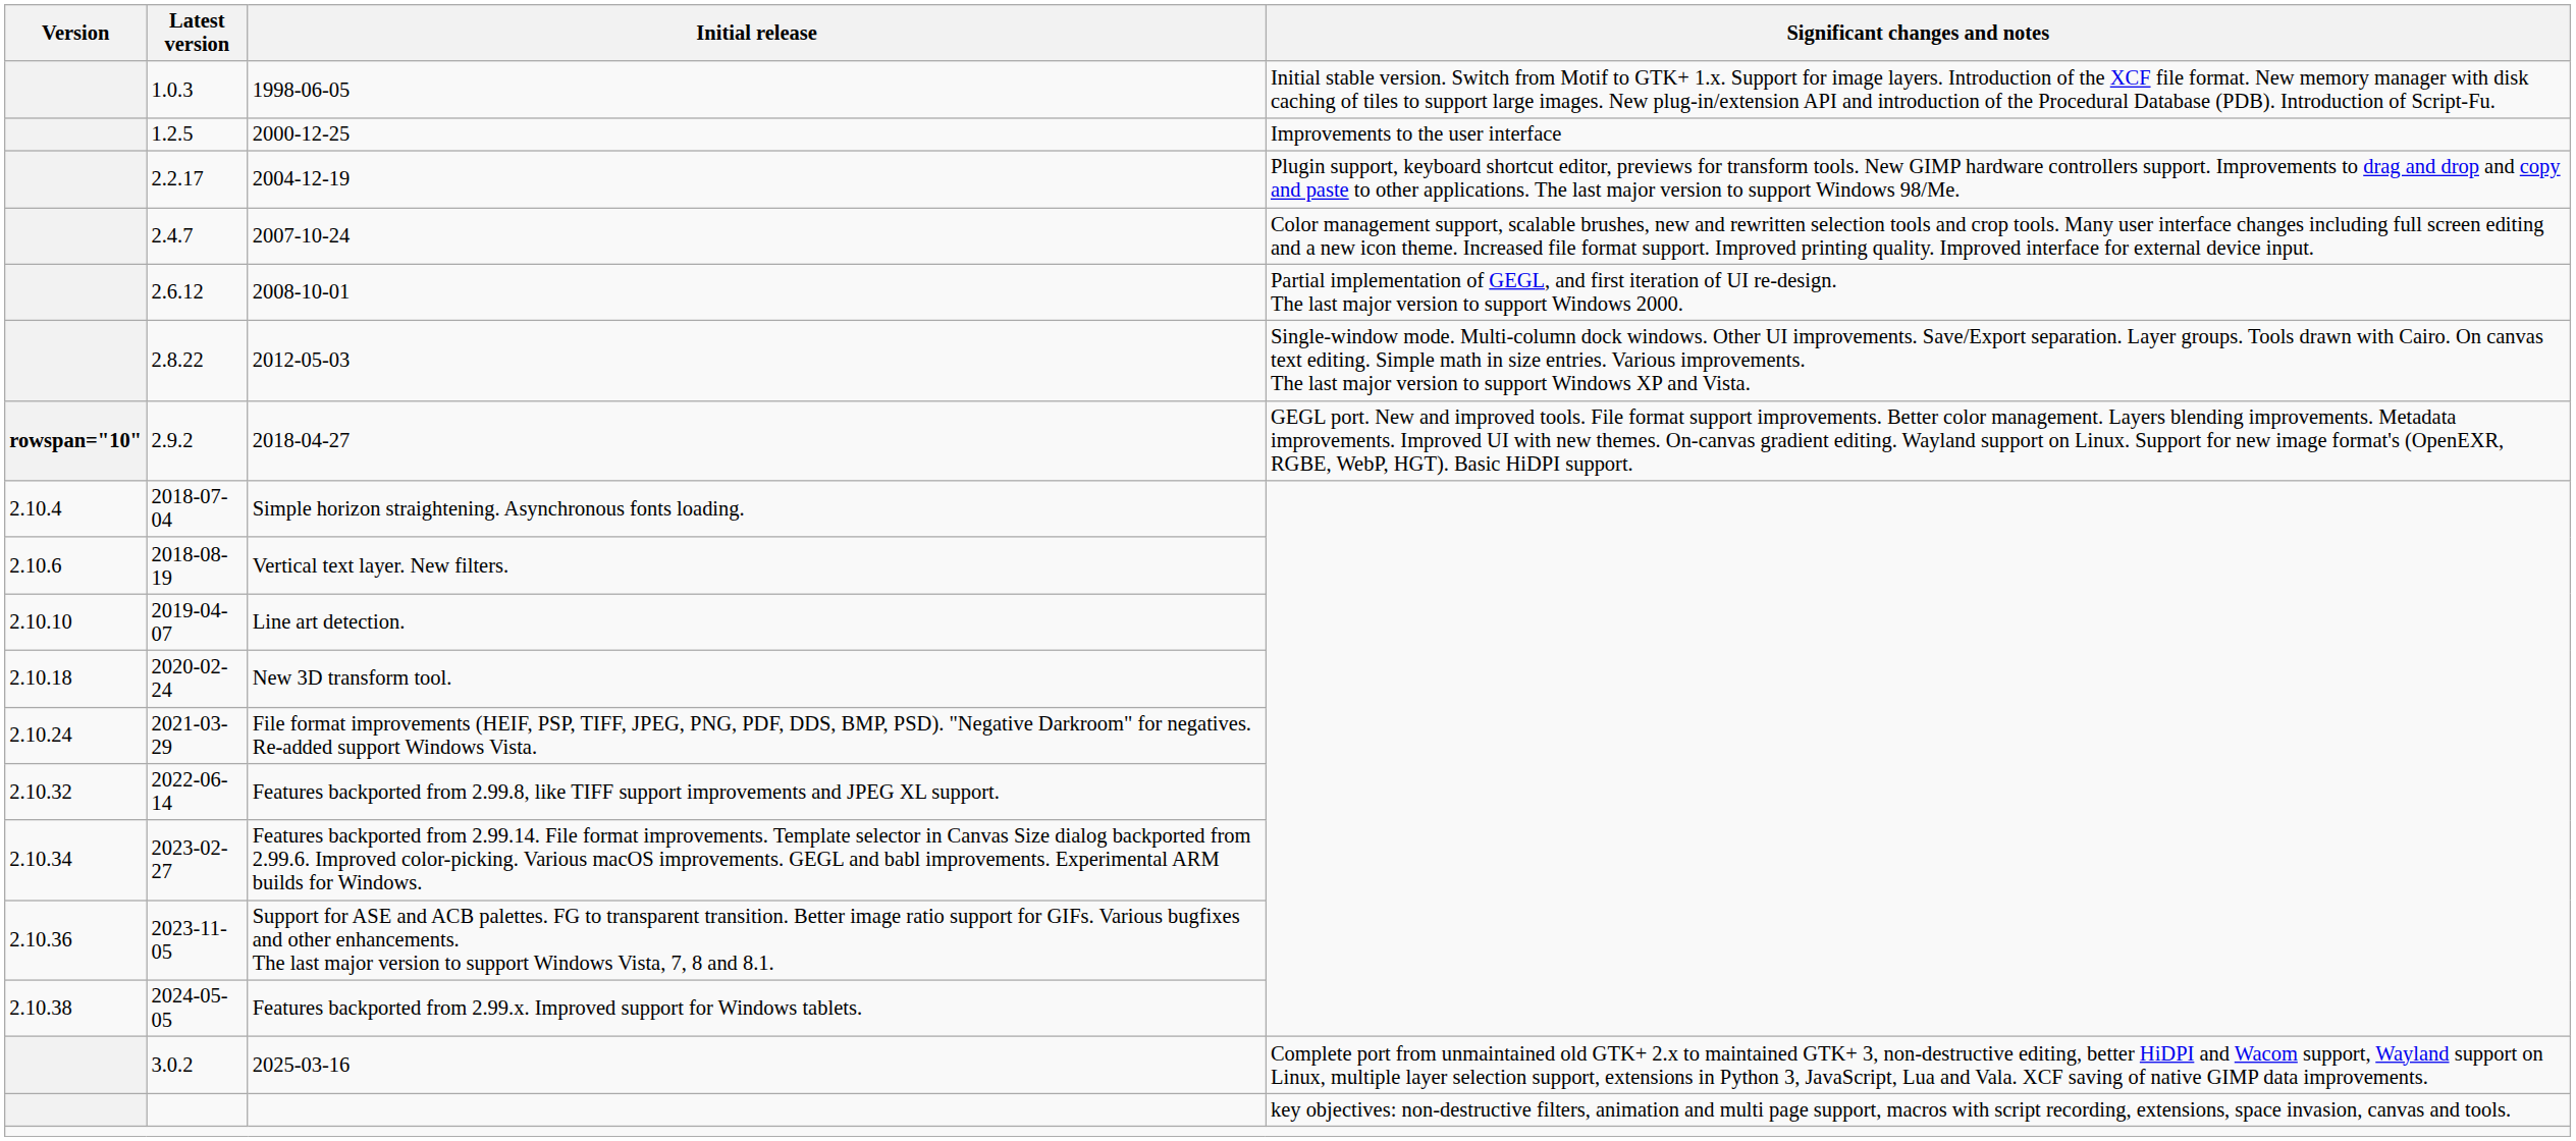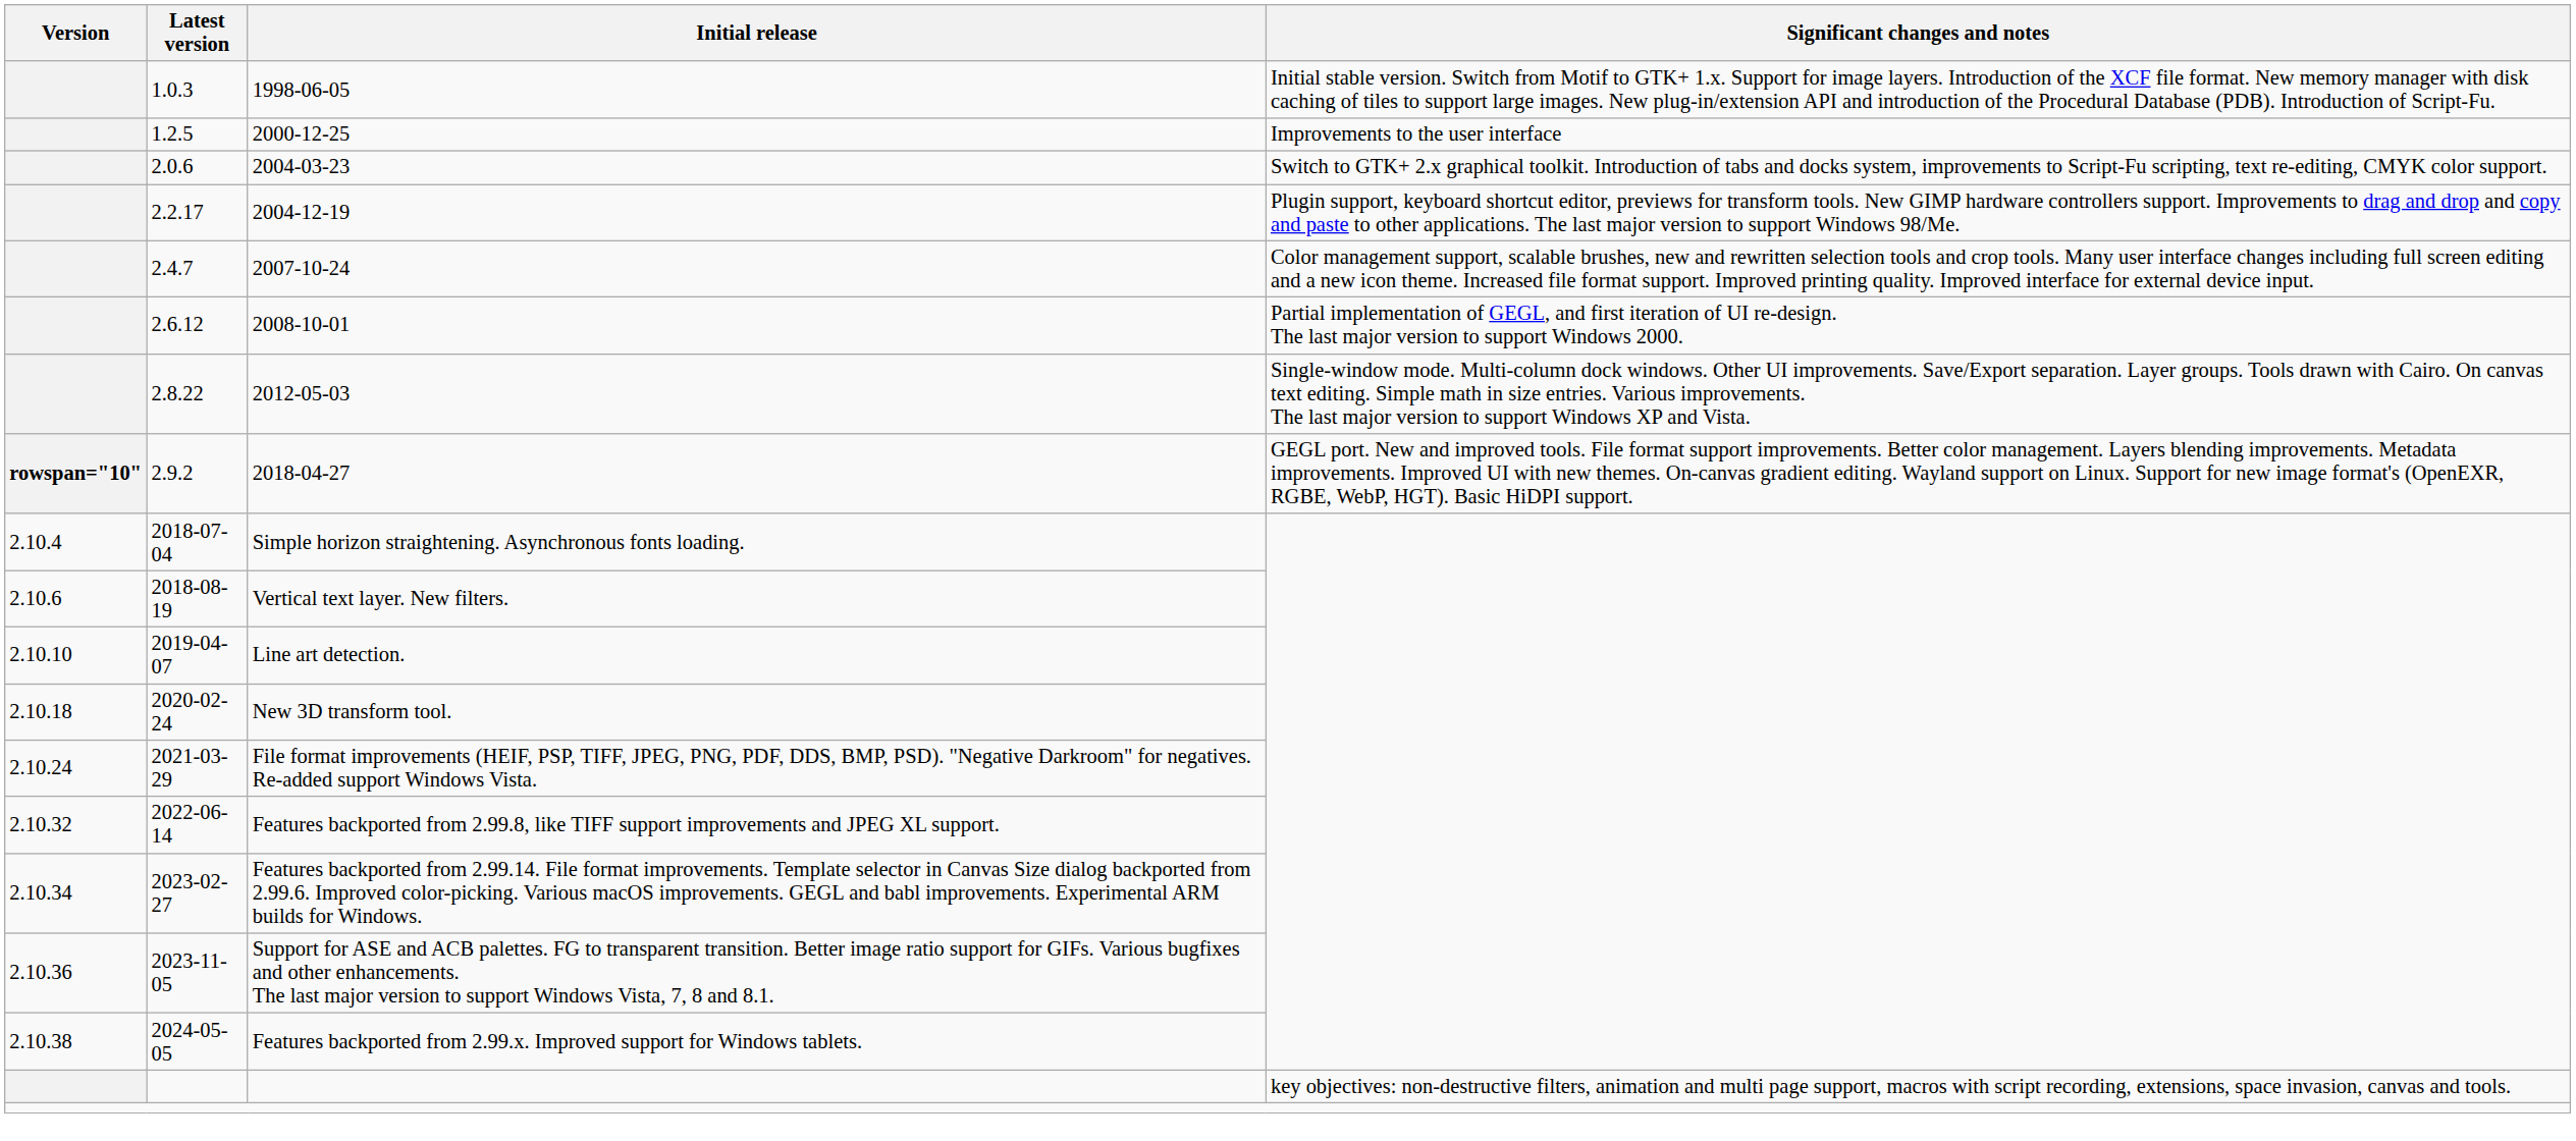 <table class="wikitable mw-collapsible mw-collapsed sticky-header">
 <tr>
 <th>Version</th>
 <th>Latest version</th>
 <th>Initial release</th>
 <th>Significant changes and notes</th>
 </tr>
 <tr>
 <th></th>
 <td>1.0.3</td>
 <td class="nowrap">1998-06-05</td>
 <td>Initial stable version. Switch from Motif to GTK+ 1.x. Support for image layers. Introduction of the <a href='#'>XCF</a> file format. New memory manager with disk caching of tiles to support large images. New plug-in/extension API and introduction of the Procedural Database (PDB). Introduction of Script-Fu.</td>
 </tr>
 <tr>
 <th></th>
 <td>1.2.5</td>
 <td class="nowrap">2000-12-25</td>
 <td>Improvements to the user interface</td>
+</tr>
+<tr>
+<th></th>
+<td>2.0.6</td>
+<td>2004-03-23</td>
+<td>Switch to GTK+ 2.x graphical toolkit. Introduction of tabs and docks system, improvements to Script-Fu scripting, text re-editing, CMYK color support.</td>
 </tr>
 <tr>
 <th></th>
 <td>2.2.17</td>
 <td>2004-12-19</td>
 <td>Plugin support, keyboard shortcut editor, previews for transform tools. New GIMP hardware controllers support. Improvements to <a href='#'>drag and drop</a> and <a href='#'>copy and paste</a> to other applications. The last major version to support Windows 98/Me.</td>
 </tr>
 <tr>
 <th></th>
 <td>2.4.7</td>
 <td>2007-10-24</td>
 <td>Color management support, scalable brushes, new and rewritten selection tools and crop tools. Many user interface changes including full screen editing and a new icon theme. Increased file format support. Improved printing quality. Improved interface for external device input.</td>
 </tr>
 <tr>
 <th></th>
 <td>2.6.12</td>
 <td>2008-10-01</td>
 <td>Partial implementation of <a href='#'>GEGL</a>, and first iteration of UI re-design.<br>The last major version to support Windows 2000.</td>
 </tr>
 <tr>
 <th></th>
 <td>2.8.22</td>
 <td>2012-05-03</td>
 <td>Single-window mode. Multi-column dock windows. Other UI improvements. Save/Export separation. Layer groups. Tools drawn with Cairo. On canvas text editing. Simple math in size entries. Various improvements.<br>The last major version to support Windows XP and Vista.</td>
 </tr>
 <tr>
 <th>rowspan="10" </th>
 <td>2.9.2</td>
 <td>2018-04-27</td>
 <td>GEGL port. New and improved tools. File format support improvements. Better color management. Layers blending improvements. Metadata improvements. Improved UI with new themes. On-canvas gradient editing. Wayland support on Linux. Support for new image format's (OpenEXR, RGBE, WebP, HGT). Basic HiDPI support.</td>
 </tr>
 <tr>
 <td>2.10.4</td>
 <td>2018-07-04</td>
 <td>Simple horizon straightening. Asynchronous fonts loading.</td>
 </tr>
 <tr>
 <td>2.10.6</td>
 <td>2018-08-19</td>
 <td>Vertical text layer. New filters.</td>
 </tr>
 <tr>
 <td>2.10.10</td>
 <td>2019-04-07</td>
 <td>Line art detection.</td>
 </tr>
 <tr>
 <td>2.10.18</td>
 <td>2020-02-24</td>
 <td>New 3D transform tool.</td>
 </tr>
 <tr>
 <td>2.10.24</td>
 <td>2021-03-29</td>
 <td>File format improvements (HEIF, PSP, TIFF, JPEG, PNG, PDF, DDS, BMP, PSD). "Negative Darkroom" for negatives.<br>Re-added support Windows Vista.</td>
 </tr>
 <tr>
 <td>2.10.32</td>
 <td>2022-06-14</td>
 <td>Features backported from 2.99.8, like TIFF support improvements and JPEG XL support.</td>
 </tr>
 <tr>
 <td>2.10.34</td>
 <td>2023-02-27</td>
 <td>Features backported from 2.99.14. File format improvements. Template selector in Canvas Size dialog backported from 2.99.6. Improved color-picking. Various macOS improvements. GEGL and babl improvements. Experimental ARM builds for Windows.</td>
 </tr>
 <tr>
 <td>2.10.36</td>
 <td>2023-11-05</td>
 <td>Support for ASE and ACB palettes. FG to transparent transition. Better image ratio support for GIFs. Various bugfixes and other enhancements.<br>The last major version to support Windows Vista, 7, 8 and 8.1.</td>
 </tr>
 <tr>
 <td>2.10.38</td>
 <td>2024-05-05</td>
 <td>Features backported from 2.99.x. Improved support for Windows tablets.</td>
 </tr>
 <tr>
 <th></th>
-<td>3.0.2</td>
-<td>2025-03-16 </td>
-<td>Complete port from unmaintained old GTK+ 2.x to maintained GTK+ 3, non-destructive editing, better <a href='#'>HiDPI</a> and <a href='#'>Wacom</a> support, <a href='#'>Wayland</a> support on Linux, multiple layer selection support, extensions in Python 3, JavaScript, Lua and Vala. XCF saving of native GIMP data improvements.</td>
-</tr>
-<tr>
-<th></th>
 <td></td>
 <td></td>
 <td>key objectives: non-destructive filters, animation and multi page support, macros with script recording, extensions, space invasion, canvas and tools.</td>
 </tr>
 <tr>
 <td colspan="4"></td>
 </tr>
 </table>
